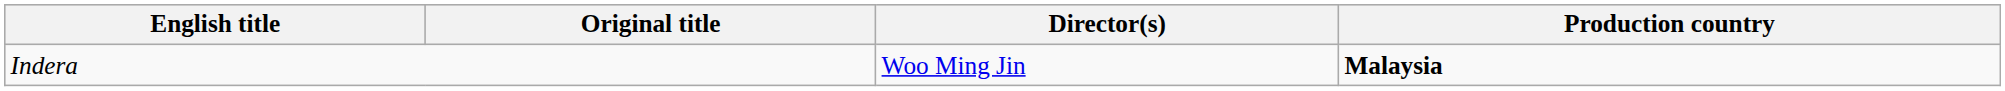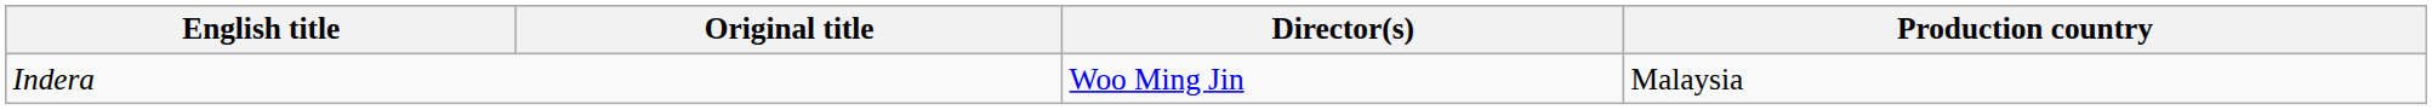 <table class="wikitable sortable" style="width:100%; margin-bottom:5px">
 <tr>
 <th>English title</th>
 <th>Original title</th>
 <th>Director(s)</th>
 <th>Production country</th>
 </tr>
 <tr>
 <td colspan="2"><em>Indera</em></td>
 <td><a href='#'>Woo Ming Jin</a></td>
-<td><strong>Malaysia</strong></td>
+<td>Malaysia</td>
 </tr>
 </table>
